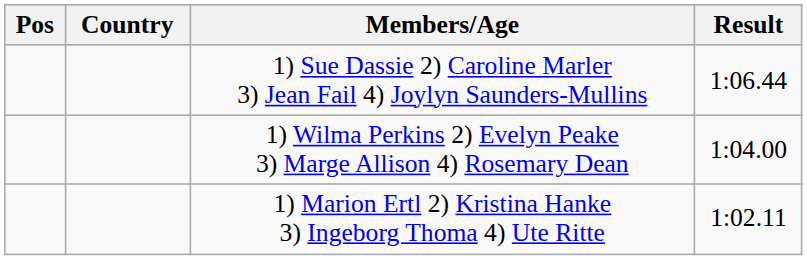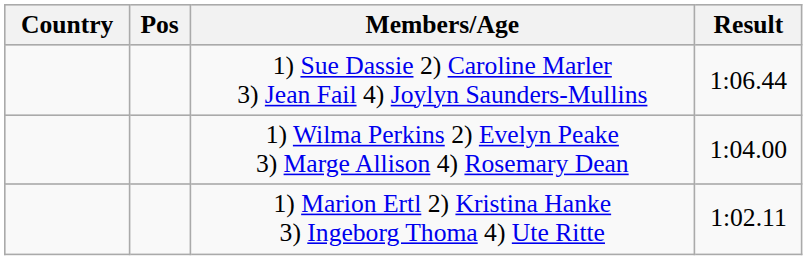 <table class="wikitable"  style="text-align:center; width:80%;">
 <tr>
+<th>Country</th>
 <th>Pos</th>
-<th>Country</th>
 <th>Members/Age</th>
 <th>Result</th>
 </tr>
 <tr>
+<td align=left></td>
 <td align=center></td>
-<td align=left></td>
 <td>1) <a href='#'>Sue Dassie</a> 2) <a href='#'>Caroline Marler</a><br>3) <a href='#'>Jean Fail</a> 4) <a href='#'>Joylyn Saunders-Mullins</a></td>
 <td>1:06.44</td>
 </tr>
 <tr>
+<td align=left></td>
 <td align=center></td>
-<td align=left></td>
 <td>1) <a href='#'>Wilma Perkins</a> 2) <a href='#'>Evelyn Peake</a><br>3) <a href='#'>Marge Allison</a> 4) <a href='#'>Rosemary Dean</a></td>
 <td>1:04.00</td>
 </tr>
 <tr>
+<td align=left></td>
 <td align=center></td>
-<td align=left></td>
 <td>1) <a href='#'>Marion Ertl</a> 2) <a href='#'>Kristina Hanke</a><br>3) <a href='#'>Ingeborg Thoma</a> 4) <a href='#'>Ute Ritte</a></td>
 <td>1:02.11</td>
 </tr>
 </table>
